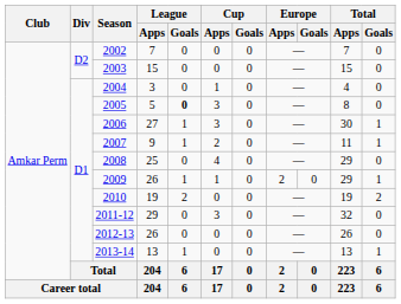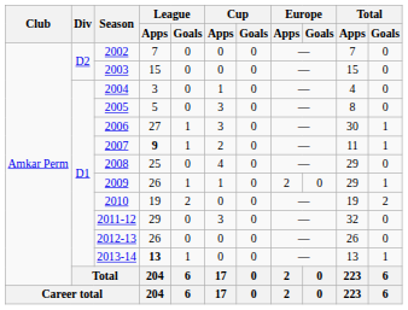 <table class="wikitable" style="text-align: center;">
 <tr>
 <th rowspan="2">Club</th>
 <th rowspan="2">Div</th>
 <th rowspan="2">Season</th>
 <th colspan="2">League</th>
 <th colspan="2">Cup</th>
 <th colspan="2">Europe</th>
 <th colspan="2">Total</th>
 </tr>
 <tr>
 <th>Apps</th>
 <th>Goals</th>
 <th>Apps</th>
 <th>Goals</th>
 <th>Apps</th>
 <th>Goals</th>
 <th>Apps</th>
 <th>Goals</th>
 </tr>
 <tr>
 <td rowspan="13" valign="center"> <a href='#'>Amkar Perm</a></td>
 <td rowspan="2"><a href='#'>D2</a></td>
 <td><a href='#'>2002</a></td>
 <td>7</td>
 <td>0</td>
 <td>0</td>
 <td>0</td>
 <td colspan="2">—</td>
 <td>7</td>
 <td>0</td>
 </tr>
 <tr>
 <td><a href='#'>2003</a></td>
 <td>15</td>
 <td>0</td>
 <td>0</td>
 <td>0</td>
 <td colspan="2">—</td>
 <td>15</td>
 <td>0</td>
 </tr>
 <tr>
 <td rowspan="10"><a href='#'>D1</a></td>
 <td><a href='#'>2004</a></td>
 <td>3</td>
 <td>0</td>
 <td>1</td>
 <td>0</td>
 <td colspan="2">—</td>
 <td>4</td>
 <td>0</td>
 </tr>
 <tr>
 <td><a href='#'>2005</a></td>
 <td>5</td>
-<td><strong>0</strong></td>
+<td>0</td>
 <td>3</td>
 <td>0</td>
 <td colspan="2">—</td>
 <td>8</td>
 <td>0</td>
 </tr>
 <tr>
 <td><a href='#'>2006</a></td>
 <td>27</td>
 <td>1</td>
 <td>3</td>
 <td>0</td>
 <td colspan="2">—</td>
 <td>30</td>
 <td>1</td>
 </tr>
 <tr>
 <td><a href='#'>2007</a></td>
-<td>9</td>
+<td><strong>9</strong></td>
 <td>1</td>
 <td>2</td>
 <td>0</td>
 <td colspan="2">—</td>
 <td>11</td>
 <td>1</td>
 </tr>
 <tr>
 <td><a href='#'>2008</a></td>
 <td>25</td>
 <td>0</td>
 <td>4</td>
 <td>0</td>
 <td colspan="2">—</td>
 <td>29</td>
 <td>0</td>
 </tr>
 <tr>
 <td><a href='#'>2009</a></td>
 <td>26</td>
 <td>1</td>
 <td>1</td>
 <td>0</td>
 <td>2</td>
 <td>0</td>
 <td>29</td>
 <td>1</td>
 </tr>
 <tr>
 <td><a href='#'>2010</a></td>
 <td>19</td>
 <td>2</td>
 <td>0</td>
 <td>0</td>
 <td colspan="2">—</td>
 <td>19</td>
 <td>2</td>
 </tr>
 <tr>
 <td><a href='#'>2011-12</a></td>
 <td>29</td>
 <td>0</td>
 <td>3</td>
 <td>0</td>
 <td colspan="2">—</td>
 <td>32</td>
 <td>0</td>
 </tr>
 <tr>
 <td><a href='#'>2012-13</a></td>
 <td>26</td>
 <td>0</td>
 <td>0</td>
 <td>0</td>
 <td colspan="2">—</td>
 <td>26</td>
 <td>0</td>
 </tr>
 <tr>
 <td><a href='#'>2013-14</a></td>
-<td>13</td>
+<td><strong>13</strong></td>
 <td>1</td>
 <td>0</td>
 <td>0</td>
 <td colspan="2">—</td>
 <td>13</td>
 <td>1</td>
 </tr>
 <tr>
 <th colspan="2">Total</th>
 <th>204</th>
 <th>6</th>
 <th>17</th>
 <th>0</th>
 <th>2</th>
 <th>0</th>
 <th>223</th>
 <th>6</th>
 </tr>
 <tr>
 <th colspan="3">Career total</th>
 <th>204</th>
 <th>6</th>
 <th>17</th>
 <th>0</th>
 <th>2</th>
 <th>0</th>
 <th>223</th>
 <th>6</th>
 </tr>
 </table>
